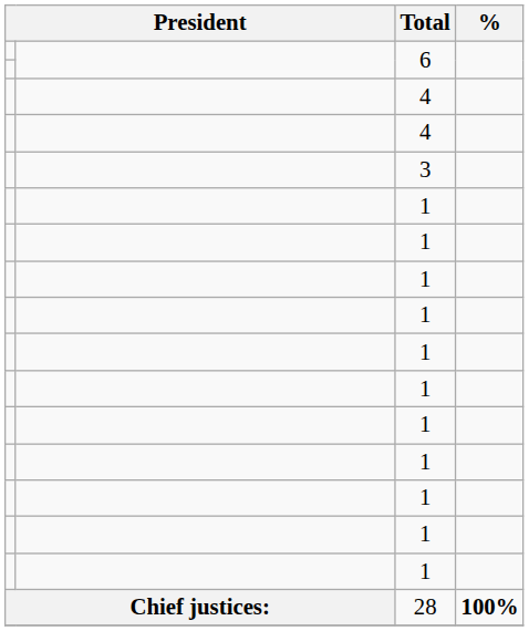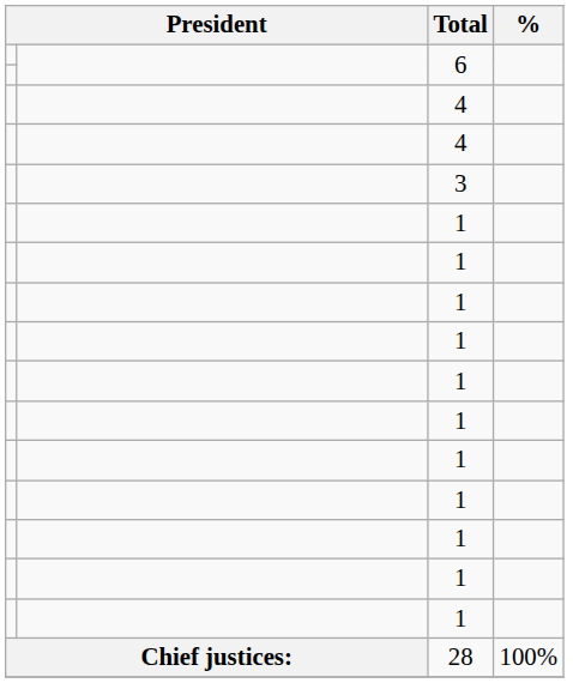 <table class="wikitable style="text-align:center">
 <tr>
 <th colspan=2>President</th>
 <th>Total</th>
 <th>%</th>
 </tr>
 <tr>
 <td style="background-color: "></td>
 <td rowspan=2 style="width: 16em;"></td>
 <td rowspan=2 style="text-align:center">6</td>
 <td rowspan=2 style="text-align:center"></td>
 </tr>
 <tr>
 <td style="background-color: "></td>
 </tr>
 <tr>
 <td style="background-color: "></td>
 <td></td>
 <td style="text-align:center">4</td>
 <td style="text-align:center"></td>
 </tr>
 <tr>
 <td style="background-color: "></td>
 <td></td>
 <td style="text-align:center">4</td>
 <td style="text-align:center"></td>
 </tr>
 <tr>
 <td style="background-color: "></td>
 <td></td>
 <td style="text-align:center">3</td>
 <td style="text-align:center"></td>
 </tr>
 <tr>
 <td style="background-color: "></td>
 <td></td>
 <td style="text-align:center">1</td>
 <td style="text-align:center"></td>
 </tr>
 <tr>
 <td style="background-color: "></td>
 <td></td>
 <td style="text-align:center">1</td>
 <td style="text-align:center"></td>
 </tr>
 <tr>
 <td style="background-color: "></td>
 <td></td>
 <td style="text-align:center">1</td>
 <td style="text-align:center"></td>
 </tr>
 <tr>
 <td style="background-color: "></td>
 <td></td>
 <td style="text-align:center">1</td>
 <td style="text-align:center"></td>
 </tr>
 <tr>
 <td style="background-color: "></td>
 <td></td>
 <td style="text-align:center">1</td>
 <td style="text-align:center"></td>
 </tr>
 <tr>
 <td style="background-color: "></td>
 <td></td>
 <td style="text-align:center">1</td>
 <td style="text-align:center"></td>
 </tr>
 <tr>
 <td style="background-color: "></td>
 <td></td>
 <td style="text-align:center">1</td>
 <td style="text-align:center"></td>
 </tr>
 <tr>
 <td style="background-color: "></td>
 <td></td>
 <td style="text-align:center">1</td>
 <td style="text-align:center"></td>
 </tr>
 <tr>
 <td style="background-color: "></td>
 <td></td>
 <td style="text-align:center">1</td>
 <td style="text-align:center"></td>
 </tr>
 <tr>
 <td style="background-color: "></td>
 <td></td>
 <td style="text-align:center">1</td>
 <td style="text-align:center"></td>
 </tr>
 <tr>
 <td style="background-color: "></td>
 <td></td>
 <td style="text-align:center">1</td>
 <td style="text-align:center"></td>
 </tr>
 <tr>
 <th colspan=2 style="text-align:center">Chief justices:</th>
 <td style="text-align:center">28</td>
-<td style="text-align:center"><strong>100%</strong></td>
+<td style="text-align:center">100%</td>
 </tr>
 <tr>
 </tr>
 </table>
